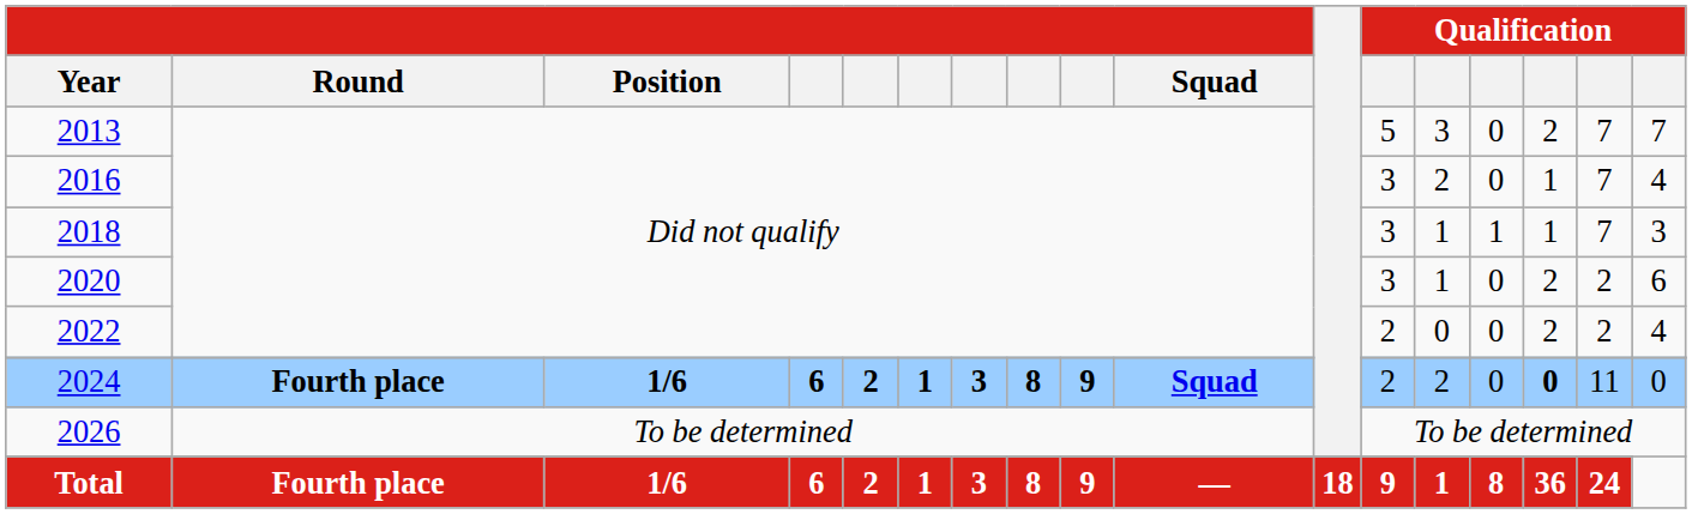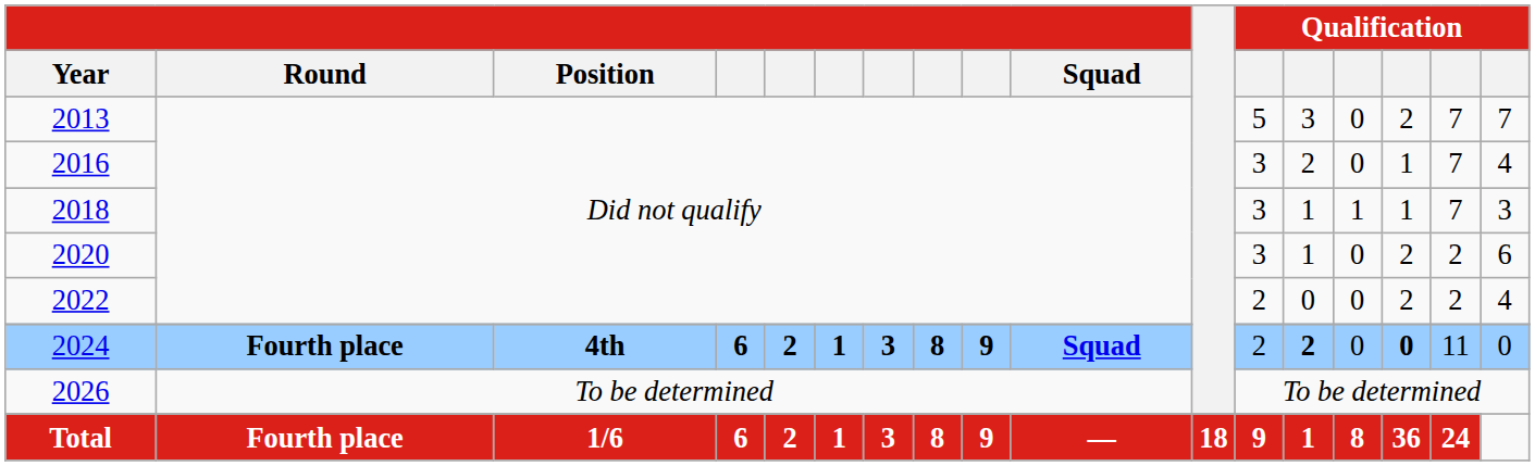 <table class="wikitable" style="text-align: center; width: 850px;">
 <tr>
 <th colspan="10" style="background: #DB2019; color: #FFFFFF;"><a href='#'></a></th>
 <th style="width:1%;" rowspan=10></th>
 <th colspan="6" style="background: #DB2019; color: #FFFFFF;">Qualification</th>
 </tr>
 <tr>
 <th>Year</th>
 <th>Round</th>
 <th>Position</th>
 <th width="20"></th>
 <th width="20"></th>
 <th width="20"></th>
 <th width="20"></th>
 <th width="20"></th>
 <th width="20"></th>
 <th>Squad</th>
 <th width="20"></th>
 <th width="20"></th>
 <th width="20"></th>
 <th width="20"></th>
 <th width="20"></th>
 <th width="20"></th>
 </tr>
 <tr>
 <td> <a href='#'>2013</a></td>
 <td colspan=9 rowspan=5><em>Did not qualify</em></td>
 <td>5</td>
 <td>3</td>
 <td>0</td>
 <td>2</td>
 <td>7</td>
 <td>7</td>
 </tr>
 <tr>
 <td> <a href='#'>2016</a></td>
 <td>3</td>
 <td>2</td>
 <td>0</td>
 <td>1</td>
 <td>7</td>
 <td>4</td>
 </tr>
 <tr>
 <td> <a href='#'>2018</a></td>
 <td>3</td>
 <td>1</td>
 <td>1</td>
 <td>1</td>
 <td>7</td>
 <td>3</td>
 </tr>
 <tr>
 <td> <a href='#'>2020</a></td>
 <td>3</td>
 <td>1</td>
 <td>0</td>
 <td>2</td>
 <td>2</td>
 <td>6</td>
 </tr>
 <tr>
 <td> <a href='#'>2022</a></td>
 <td>2</td>
 <td>0</td>
 <td>0</td>
 <td>2</td>
 <td>2</td>
 <td>4</td>
 </tr>
 <tr style="background: #DB2019; color: #FFFFFF;|">
 </tr>
 <tr bgcolor=#9acdff>
 <td> <a href='#'>2024</a></td>
 <td><strong>Fourth place</strong></td>
-<td><strong>1/6</strong></td>
+<td><strong>4th</strong></td>
 <td><strong>6</strong></td>
 <td><strong>2</strong></td>
 <td><strong>1</strong></td>
 <td><strong>3</strong></td>
 <td><strong>8</strong></td>
 <td><strong>9</strong></td>
 <td><strong><a href='#'>Squad</a></strong></td>
 <td>2</td>
-<td>2</td>
+<td><strong>2</strong></td>
 <td>0</td>
 <td><strong>0</strong></td>
 <td>11</td>
 <td>0</td>
 </tr>
 <tr>
 <td> <a href='#'>2026</a></td>
 <td colspan=9><em>To be determined</em></td>
 <td colspan=8><em>To be determined</em></td>
 </tr>
 <tr>
 </tr>
 <tr style="background: #DB2019; color: #FFFFFF;|">
 <td><strong>Total</strong></td>
 <td><strong>Fourth place</strong></td>
 <td><strong>1/6</strong></td>
 <td><strong>6</strong></td>
 <td><strong>2</strong></td>
 <td><strong>1</strong></td>
 <td><strong>3</strong></td>
 <td><strong>8</strong></td>
 <td><strong>9</strong></td>
 <td><strong>—</strong></td>
 <td><strong>18</strong></td>
 <td><strong>9</strong></td>
 <td><strong>1</strong></td>
 <td><strong>8</strong></td>
 <td><strong>36</strong></td>
 <td><strong>24</strong></td>
 </tr>
 </table>
